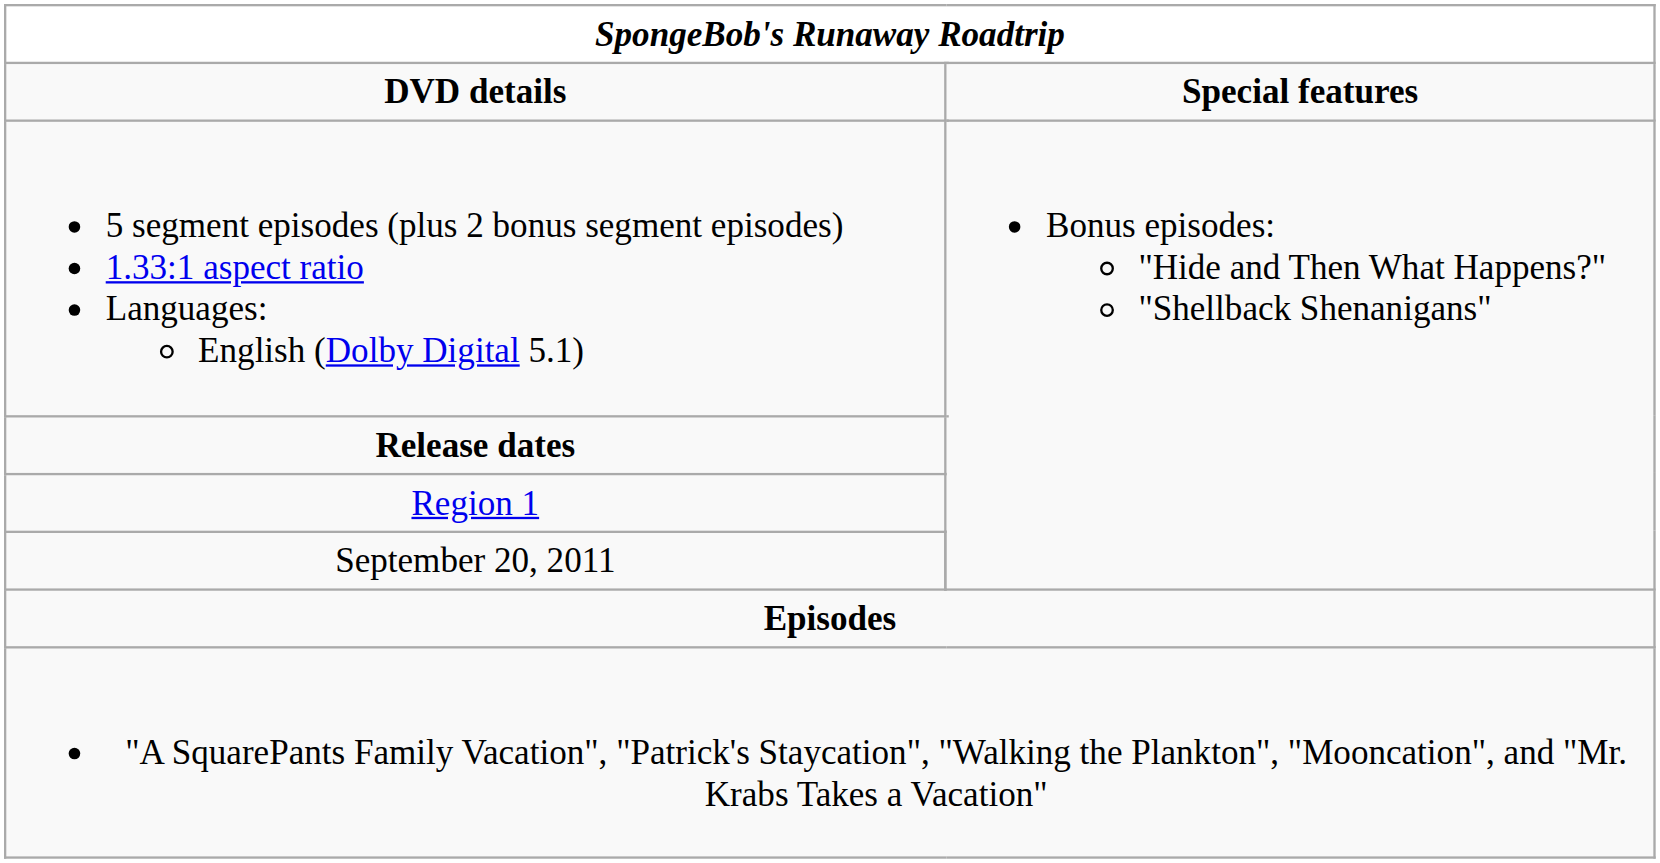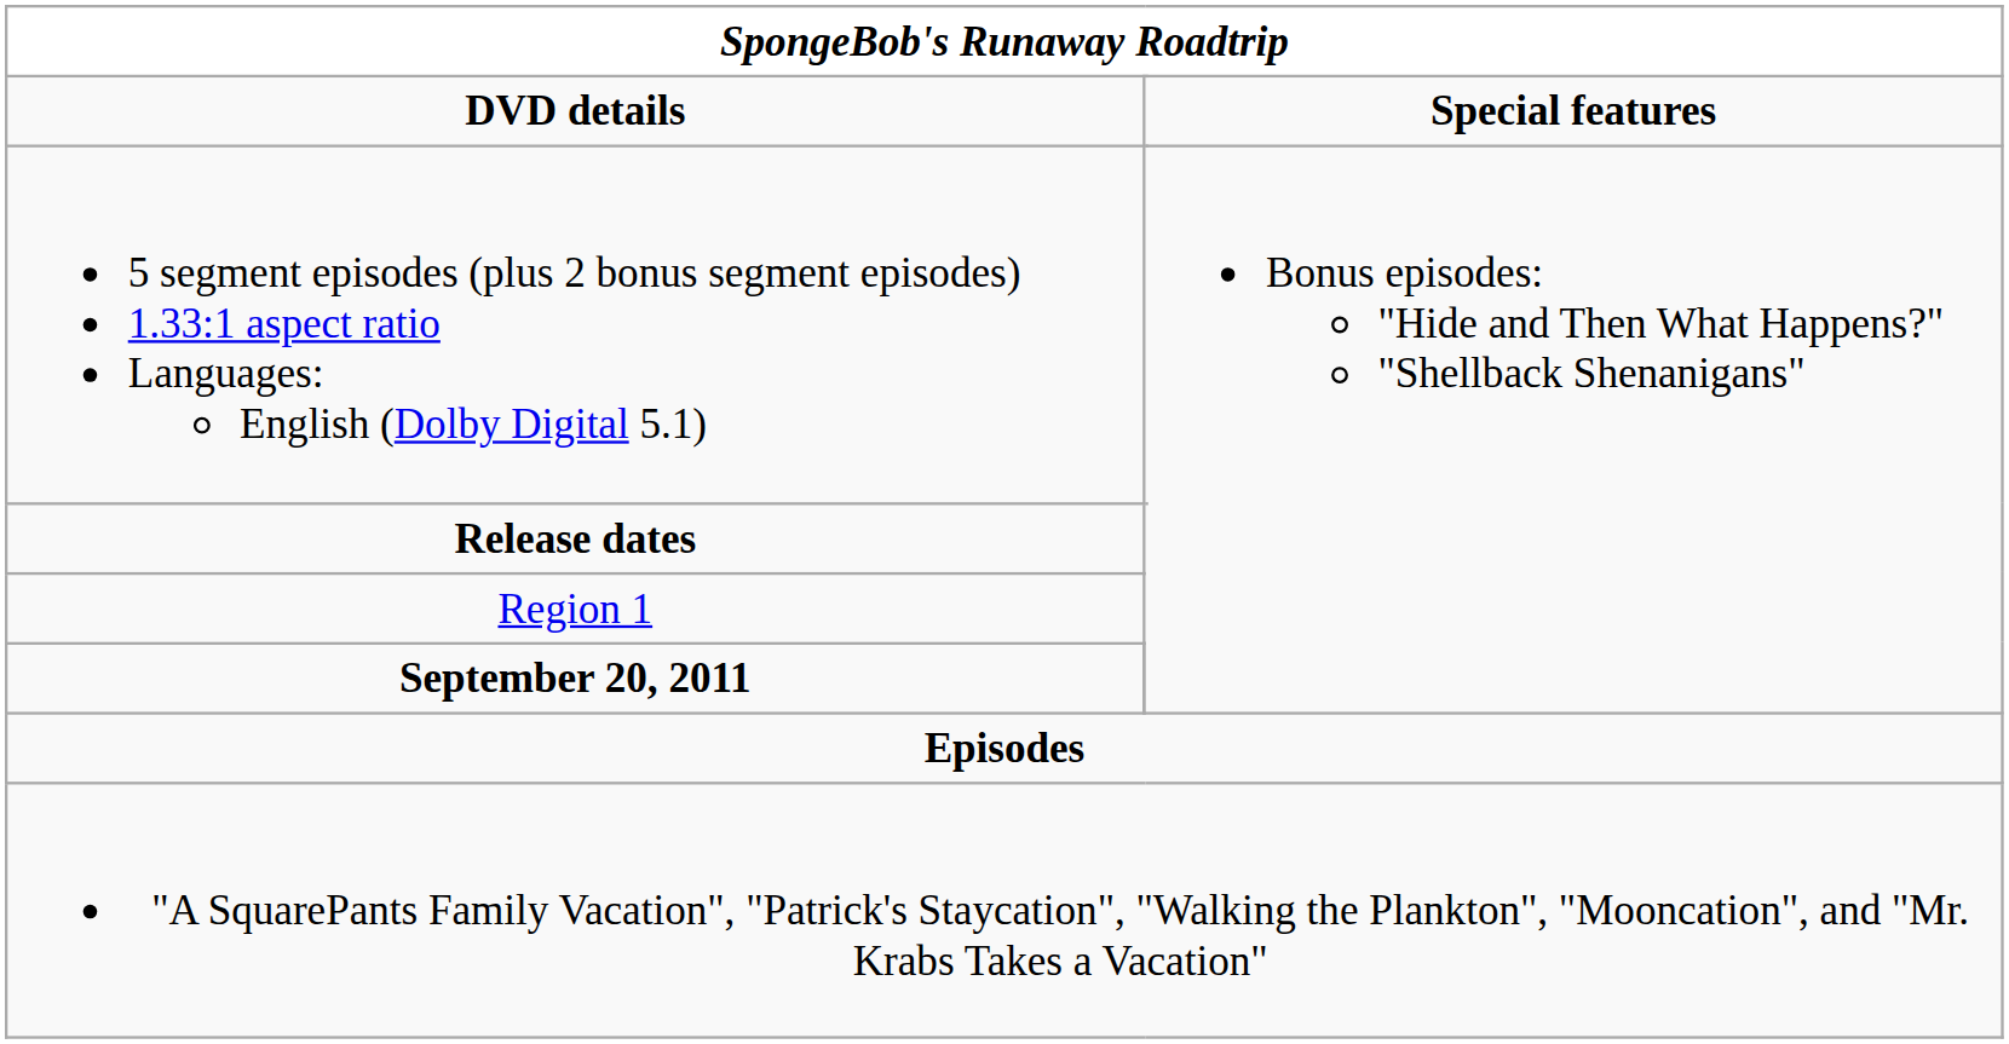 <table class="wikitable" style="font-size: 95%;">
 <tr style="background:#FFF; color:#000;">
 <td colspan="4" align="center"><strong><em>SpongeBob's Runaway Roadtrip</em></strong></td>
 </tr>
 <tr valign="top">
 <td style="text-align:center; width:400px;" colspan="3"><strong>DVD details</strong></td>
 <td style="width:300px; text-align:center;"><strong>Special features</strong></td>
 </tr>
 <tr valign="top">
 <td colspan="3" style="text-align:left; width:400px;"><br><ul><li>5 segment episodes (plus 2 bonus segment episodes)</li><li><a href='#'>1.33:1 aspect ratio</a></li><li>Languages:<ul><li>English (<a href='#'>Dolby Digital</a> 5.1)</li></ul></li></ul></td>
 <td rowspan="4" style="text-align:left; width:300px;"><br><ul><li>Bonus episodes:<ul><li>"Hide and Then What Happens?"</li><li>"Shellback Shenanigans"</li></ul></li></ul></td>
 </tr>
 <tr>
 <td colspan="3" style="text-align:center;"><strong>Release dates</strong></td>
 </tr>
 <tr>
 <td colspan="3" style="text-align:center;"><a href='#'>Region 1</a></td>
 </tr>
 <tr style="text-align:center;">
-<td>September 20, 2011</td>
+<td><strong>September 20, 2011</strong></td>
 </tr>
 <tr>
 <td style="text-align:center; width:400px;" colspan="4"><strong>Episodes</strong></td>
 </tr>
 <tr>
 <td style="text-align:center; width:400px;" colspan="4"><br><ul><li>"A SquarePants Family Vacation", "Patrick's Staycation", "Walking the Plankton", "Mooncation", and "Mr. Krabs Takes a Vacation"</li></ul></td>
 </tr>
 </table>
